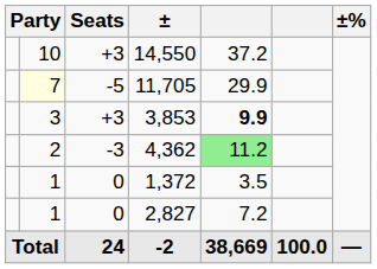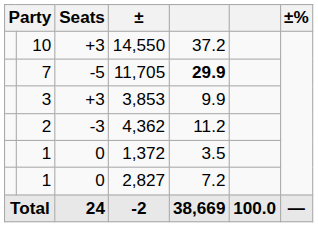 <table class=wikitable>
 <tr>
 <th colspan=2 align=center>Party</th>
 <th>Seats</th>
 <th>±</th>
 <th></th>
 <th></th>
 <th>±%</th>
 </tr>
 <tr>
 <td></td>
 <td align=right>10</td>
 <td align=right>+3</td>
 <td align=right>14,550</td>
 <td align=right>37.2</td>
 <td align=right></td>
 </tr>
 <tr>
 <td></td>
-<td align=right style="background: lightyellow;">7</td>
+<td align=right>7</td>
 <td align=right>-5</td>
 <td align=right>11,705</td>
-<td align=right>29.9</td>
+<td align=right><strong>29.9</strong></td>
 <td align=right></td>
 </tr>
 <tr>
 <td></td>
 <td align=right>3</td>
 <td align=right>+3</td>
 <td align=right>3,853</td>
-<td align=right><strong>9.9</strong></td>
+<td align=right>9.9</td>
 <td align=right></td>
 </tr>
 <tr>
 <td></td>
 <td align=right>2</td>
 <td align=right>-3</td>
 <td align=right>4,362</td>
-<td align=right style="background: lightgreen;">11.2</td>
+<td align=right>11.2</td>
 <td align=right></td>
 </tr>
 <tr>
 <td></td>
 <td align=right>1</td>
 <td align=right>0</td>
 <td align=right>1,372</td>
 <td align=right>3.5</td>
 <td align=right></td>
 </tr>
 <tr>
 <td></td>
 <td align=right>1</td>
 <td align=right>0</td>
 <td align=right>2,827</td>
 <td align=right>7.2</td>
 <td align=right></td>
 </tr>
 <tr style="font-weight:bold; background:rgb(232,232,232);">
 <td colspan=2 align=center>Total</td>
 <td align=right>24</td>
 <td align=center>-2</td>
 <td align=right>38,669</td>
 <td align=center>100.0</td>
 <td align=center>—</td>
 </tr>
 </table>
